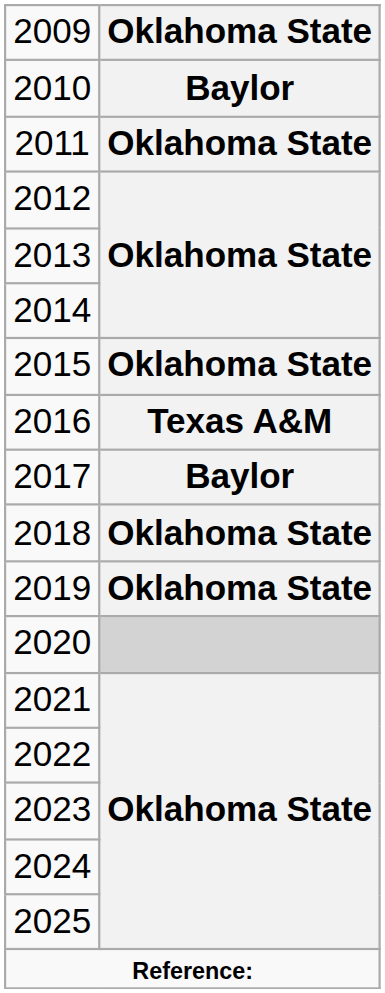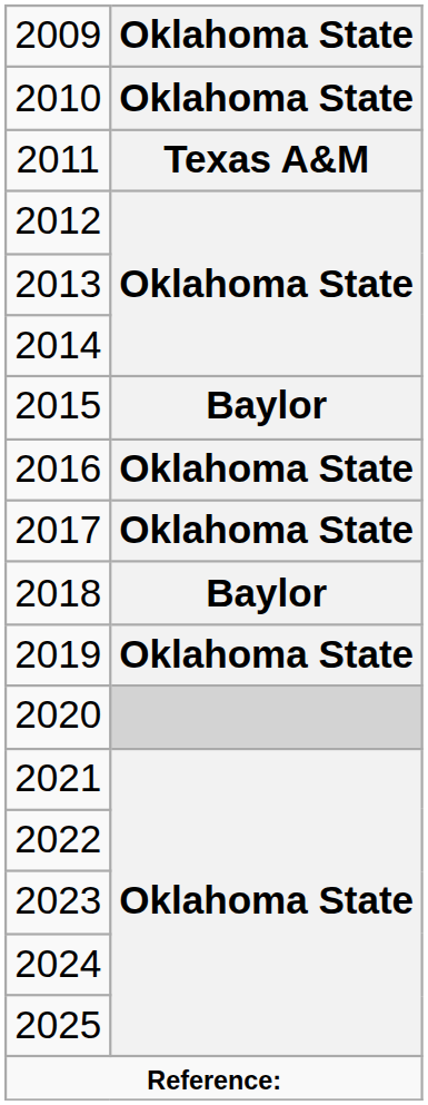 <table class="wikitable" style="text-align: center;">
 <tr>
 <td>2009</td>
 <th>Oklahoma State</th>
 </tr>
 <tr>
 <td>2010</td>
-<th>Baylor</th>
+<th>Oklahoma State</th>
 </tr>
 <tr>
 <td>2011</td>
-<th>Oklahoma State</th>
+<th>Texas A&M</th>
 </tr>
 <tr>
 <td>2012</td>
 <th rowspan="3">Oklahoma State</th>
 </tr>
 <tr>
 <td>2013</td>
 </tr>
 <tr>
 <td>2014</td>
 </tr>
 <tr>
 <td>2015</td>
+<th>Baylor</th>
+</tr>
+<tr>
+<td>2016</td>
 <th>Oklahoma State</th>
 </tr>
 <tr>
-<td>2016</td>
-<th>Texas A&M</th>
-</tr>
-<tr>
 <td>2017</td>
-<th>Baylor</th>
+<th>Oklahoma State</th>
 </tr>
 <tr>
 <td>2018</td>
-<th>Oklahoma State</th>
+<th>Baylor</th>
 </tr>
 <tr>
 <td>2019</td>
 <th>Oklahoma State</th>
 </tr>
 <tr>
 <td>2020</td>
 <td bgcolor="#d3d3d3"></td>
 </tr>
 <tr>
 <td>2021</td>
 <th rowspan="5">Oklahoma State</th>
 </tr>
 <tr>
 <td>2022</td>
 </tr>
 <tr>
 <td>2023</td>
 </tr>
 <tr>
 <td>2024</td>
 </tr>
 <tr>
 <td>2025</td>
 </tr>
 <tr>
 <td colspan="4"  style="font-size:8pt; text-align:center;"><strong>Reference:</strong></td>
 </tr>
 </table>
